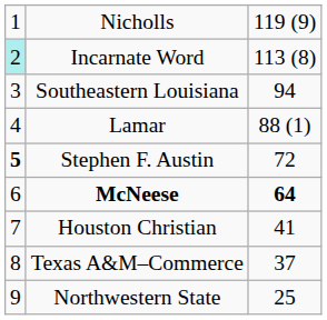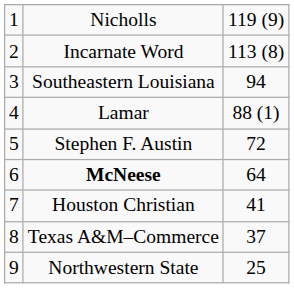 <table class="wikitable">
 <tr align="center">
 <td>1</td>
 <td>Nicholls</td>
 <td>119 (9)</td>
 </tr>
 <tr align="center">
-<td style="background: paleturquoise;">2</td>
+<td>2</td>
 <td>Incarnate Word</td>
 <td>113 (8)</td>
 </tr>
 <tr align="center">
 <td>3</td>
 <td>Southeastern Louisiana</td>
 <td>94</td>
 </tr>
 <tr align="center">
 <td>4</td>
 <td>Lamar</td>
 <td>88 (1)</td>
 </tr>
 <tr align="center">
-<td><strong>5</strong></td>
+<td>5</td>
 <td>Stephen F. Austin</td>
 <td>72</td>
 </tr>
 <tr align="center">
 <td>6</td>
 <td><strong>McNeese</strong></td>
-<td><strong>64</strong></td>
+<td>64</td>
 </tr>
 <tr align="center">
 <td>7</td>
 <td>Houston Christian</td>
 <td>41</td>
 </tr>
 <tr align="center">
 <td>8</td>
 <td>Texas A&M–Commerce</td>
 <td>37</td>
 </tr>
 <tr align="center">
 <td>9</td>
 <td>Northwestern State</td>
 <td>25</td>
 </tr>
 </table>
